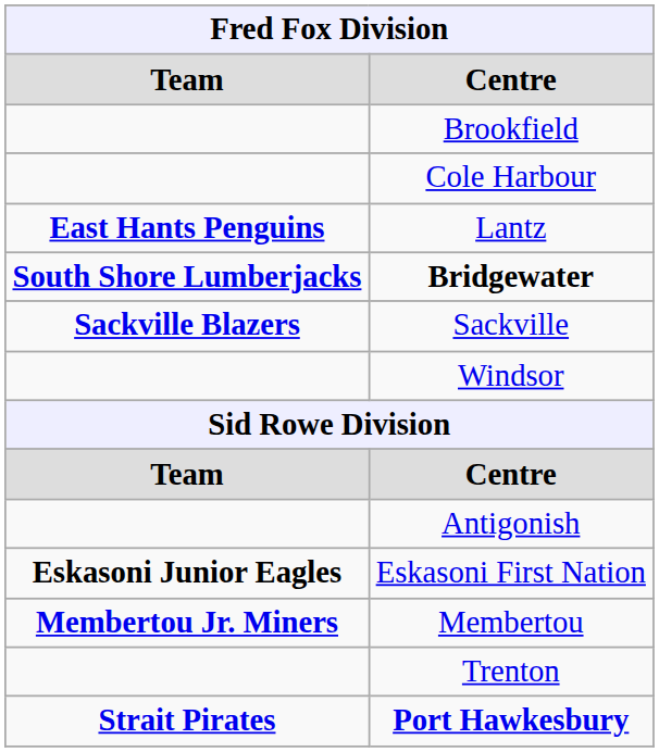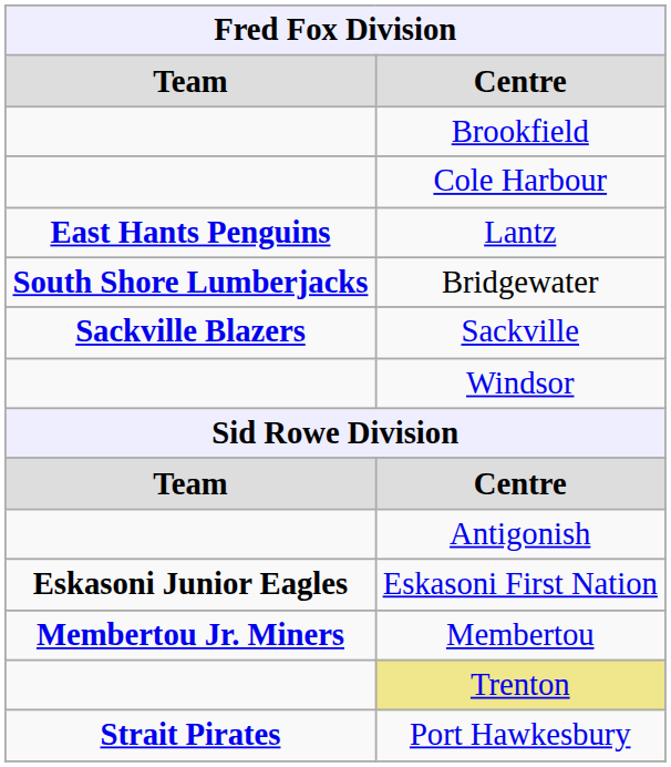 <table class="wikitable">
 <tr align="center"  bgcolor="#eeeeff">
 <td colspan="11"><strong>Fred Fox Division</strong></td>
 </tr>
 <tr align="center"  bgcolor="#dddddd">
 <td><strong>Team</strong></td>
 <td><strong>Centre</strong></td>
 </tr>
 <tr align="center">
 <td><strong></strong></td>
 <td><a href='#'>Brookfield</a></td>
 </tr>
 <tr align="center">
 <td><strong></strong></td>
 <td><a href='#'>Cole Harbour</a></td>
 </tr>
 <tr align="center">
 <td><strong><a href='#'>East Hants Penguins</a></strong></td>
 <td><a href='#'>Lantz</a></td>
 </tr>
 <tr align="center">
 <td><strong><a href='#'>South Shore Lumberjacks</a></strong></td>
-<td><strong>Bridgewater</strong></td>
+<td>Bridgewater</td>
 </tr>
 <tr align="center">
 <td><strong><a href='#'>Sackville Blazers</a></strong></td>
 <td><a href='#'>Sackville</a></td>
 </tr>
 <tr align="center">
 <td><strong></strong></td>
 <td><a href='#'>Windsor</a></td>
 </tr>
 <tr align="center"  bgcolor="#eeeeff">
 <td colspan="11"><strong>Sid Rowe Division</strong></td>
 </tr>
 <tr align="center"  bgcolor="#dddddd">
 <td><strong>Team</strong></td>
 <td><strong>Centre</strong></td>
 </tr>
 <tr align="center">
 <td><strong></strong></td>
 <td><a href='#'>Antigonish</a></td>
 </tr>
 <tr align="center">
 <td><strong>Eskasoni Junior Eagles</strong></td>
 <td><a href='#'>Eskasoni First Nation</a></td>
 </tr>
 <tr align="center">
 <td><strong><a href='#'>Membertou Jr. Miners</a></strong></td>
 <td><a href='#'>Membertou</a></td>
 </tr>
 <tr align="center">
 <td><strong></strong></td>
-<td><a href='#'>Trenton</a></td>
+<td style="background: khaki;"><a href='#'>Trenton</a></td>
 </tr>
 <tr align="center">
 <td><strong><a href='#'>Strait Pirates</a></strong></td>
-<td><strong><a href='#'>Port Hawkesbury</a></strong></td>
+<td><a href='#'>Port Hawkesbury</a></td>
 </tr>
 </table>
